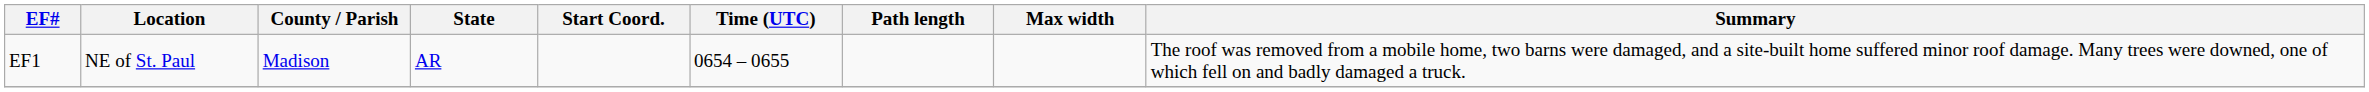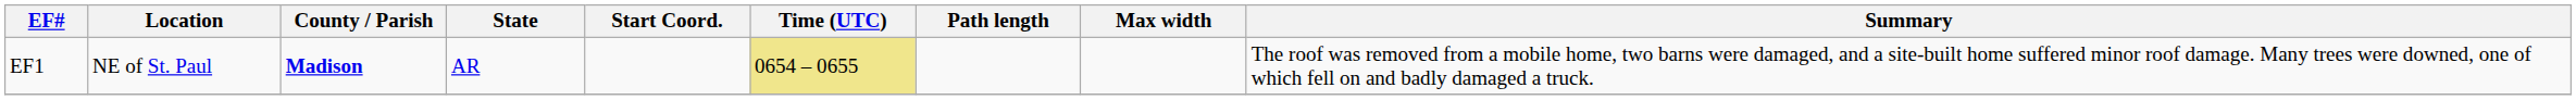 <table class="wikitable sortable" style="width:100%;">
 <tr>
 <th scope="col" width="3%" align="center"><a href='#'>EF#</a></th>
 <th scope="col" width="7%" align="center" class="unsortable">Location</th>
 <th scope="col" width="6%" align="center" class="unsortable">County / Parish</th>
 <th scope="col" width="5%" align="center">State</th>
 <th scope="col" width="6%" align="center">Start Coord.</th>
 <th scope="col" width="6%" align="center">Time (<a href='#'>UTC</a>)</th>
 <th scope="col" width="6%" align="center">Path length</th>
 <th scope="col" width="6%" align="center">Max width</th>
 <th scope="col" width="48%" class="unsortable" align="center">Summary</th>
 </tr>
 <tr>
 <td>EF1</td>
 <td>NE of <a href='#'>St. Paul</a></td>
-<td><a href='#'>Madison</a></td>
+<td><strong><a href='#'>Madison</a></strong></td>
 <td><a href='#'>AR</a></td>
 <td></td>
-<td>0654 – 0655</td>
+<td style="background: khaki;">0654 – 0655</td>
 <td></td>
 <td></td>
 <td>The roof was removed from a mobile home, two barns were damaged, and a site-built home suffered minor roof damage. Many trees were downed, one of which fell on and badly damaged a truck.</td>
 </tr>
 <tr>
 </tr>
 </table>
